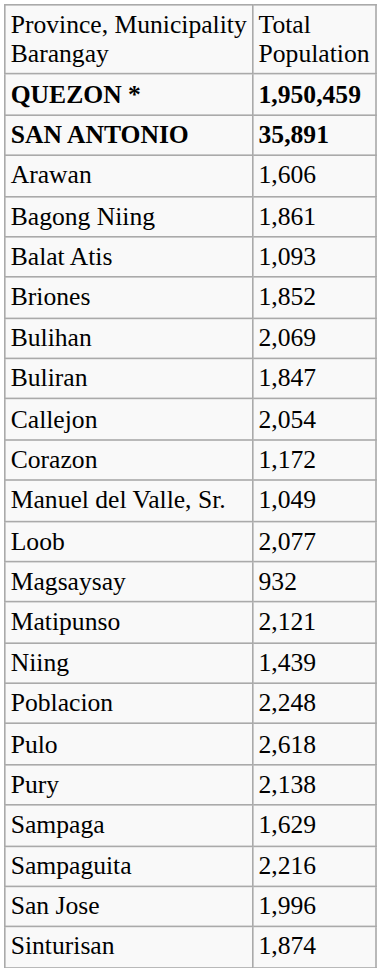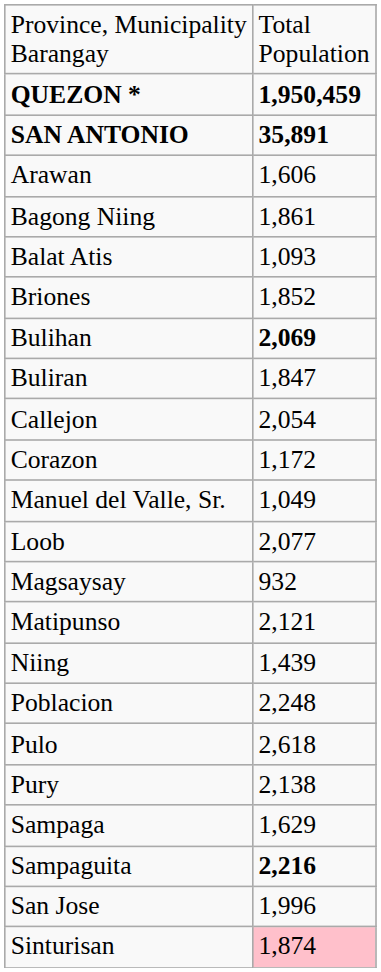 <table class="wikitable sortable mw-collapsible mw-collapsed">
 <tr>
 <td>Province, Municipality<br>Barangay </td>
 <td>Total<br>Population </td>
 </tr>
 <tr>
 <td><strong>QUEZON  *</strong></td>
 <td><strong>1,950,459</strong></td>
 </tr>
 <tr>
 <td><strong>SAN  ANTONIO</strong></td>
 <td><strong>35,891</strong></td>
 </tr>
 <tr>
 <td>Arawan</td>
 <td>1,606</td>
 </tr>
 <tr>
 <td>Bagong Niing</td>
 <td>1,861</td>
 </tr>
 <tr>
 <td>Balat Atis</td>
 <td>1,093</td>
 </tr>
 <tr>
 <td>Briones</td>
 <td>1,852</td>
 </tr>
 <tr>
 <td>Bulihan</td>
-<td>2,069</td>
+<td><strong>2,069</strong></td>
 </tr>
 <tr>
 <td>Buliran</td>
 <td>1,847</td>
 </tr>
 <tr>
 <td>Callejon</td>
 <td>2,054</td>
 </tr>
 <tr>
 <td>Corazon</td>
 <td>1,172</td>
 </tr>
 <tr>
 <td>Manuel del Valle, Sr.</td>
 <td>1,049</td>
 </tr>
 <tr>
 <td>Loob</td>
 <td>2,077</td>
 </tr>
 <tr>
 <td>Magsaysay</td>
 <td>932</td>
 </tr>
 <tr>
 <td>Matipunso</td>
 <td>2,121</td>
 </tr>
 <tr>
 <td>Niing</td>
 <td>1,439</td>
 </tr>
 <tr>
 <td>Poblacion</td>
 <td>2,248</td>
 </tr>
 <tr>
 <td>Pulo</td>
 <td>2,618</td>
 </tr>
 <tr>
 <td>Pury</td>
 <td>2,138</td>
 </tr>
 <tr>
 <td>Sampaga</td>
 <td>1,629</td>
 </tr>
 <tr>
 <td>Sampaguita</td>
-<td>2,216</td>
+<td><strong>2,216</strong></td>
 </tr>
 <tr>
 <td>San Jose</td>
 <td>1,996</td>
 </tr>
 <tr>
 <td>Sinturisan</td>
-<td>1,874</td>
+<td style="background: pink;">1,874</td>
 </tr>
 </table>
